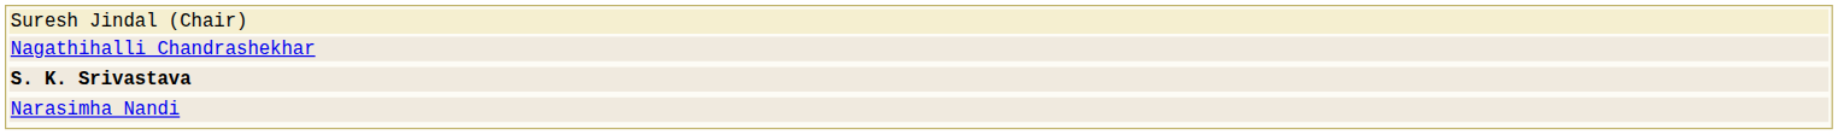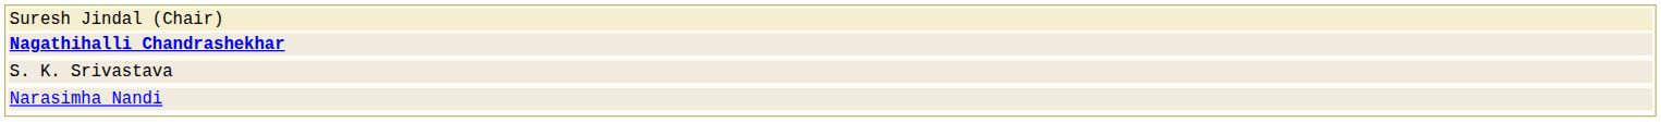 <table style="width:100%;border: 1px solid #BEB168;background-color:#FDFCF6;">
 <tr>
 <td colspan="2" style="background-color:#F5EFD0;"> Suresh Jindal (Chair)</td>
 </tr>
 <tr style="background-color:#F0EADF;">
-<td style="width:50%"> <a href='#'>Nagathihalli Chandrashekhar</a></td>
+<td style="width:50%"><strong> <a href='#'>Nagathihalli Chandrashekhar</a></strong></td>
 </tr>
 <tr style="vertical-align:top;">
 </tr>
 <tr style="background-color:#F0EADF;">
-<td style="width:50%"><strong> S. K. Srivastava</strong></td>
+<td style="width:50%"> S. K. Srivastava</td>
 </tr>
 <tr style="vertical-align:top;">
 </tr>
 <tr style="background-color:#F0EADF;">
 <td style="width:50%"> <a href='#'>Narasimha Nandi</a></td>
 </tr>
 <tr style="vertical-align:top;">
 </tr>
 </table>
